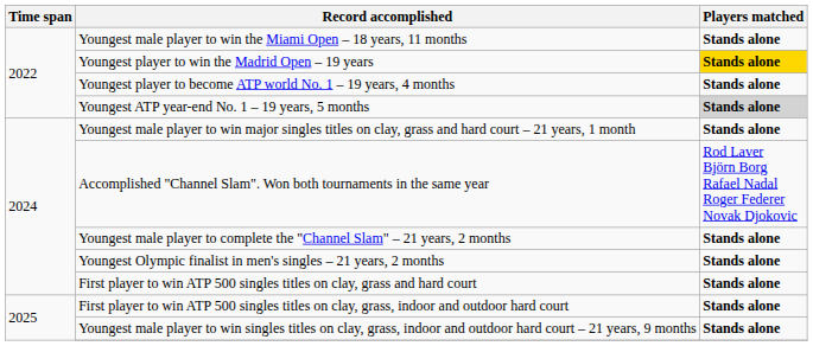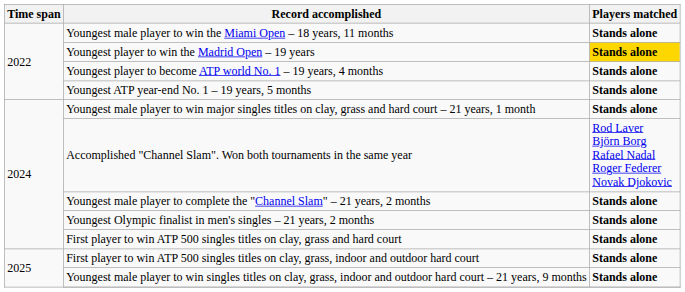 <table class="wikitable">
 <tr>
 <th>Time span</th>
 <th>Record accomplished</th>
 <th>Players matched</th>
 </tr>
 <tr>
 <td rowspan="4">2022</td>
 <td>Youngest male player to win the <a href='#'>Miami Open</a> – 18 years, 11 months</td>
 <td><strong>Stands alone</strong></td>
 </tr>
 <tr>
 <td>Youngest player to win the <a href='#'>Madrid Open</a> – 19 years</td>
 <td style="background: gold;"><strong>Stands alone</strong></td>
 </tr>
 <tr>
 <td>Youngest player to become <a href='#'>ATP world No. 1</a> – 19 years, 4 months</td>
 <td><strong>Stands alone</strong></td>
 </tr>
 <tr>
 <td>Youngest ATP year-end No. 1 – 19 years, 5 months</td>
-<td style="background: lightgrey;"><strong>Stands alone</strong></td>
+<td><strong>Stands alone</strong></td>
 </tr>
 <tr>
 <td rowspan="5">2024</td>
 <td>Youngest male player to win major singles titles on clay, grass and hard court – 21 years, 1 month</td>
 <td><strong>Stands alone</strong></td>
 </tr>
 <tr>
 <td>Accomplished "Channel Slam". Won both tournaments in the same year</td>
 <td><a href='#'>Rod Laver</a><br><a href='#'>Björn Borg</a><br><a href='#'>Rafael Nadal</a><br><a href='#'>Roger Federer</a><br><a href='#'>Novak Djokovic</a></td>
 </tr>
 <tr>
 <td>Youngest male player to complete the "<a href='#'>Channel Slam</a>" – 21 years, 2 months</td>
 <td><strong>Stands alone</strong></td>
 </tr>
 <tr>
 <td>Youngest Olympic finalist in men's singles – 21 years, 2 months</td>
 <td><strong>Stands alone</strong></td>
 </tr>
 <tr>
 <td>First player to win ATP 500 singles titles on clay, grass and hard court</td>
 <td><strong>Stands alone</strong></td>
 </tr>
 <tr>
 <td rowspan="6">2025</td>
 <td>First player to win ATP 500 singles titles on clay, grass, indoor and outdoor hard court</td>
 <td><strong>Stands alone</strong></td>
 </tr>
 <tr>
 <td>Youngest male player to win singles titles on clay, grass, indoor and outdoor hard court – 21 years, 9 months</td>
 <td><strong>Stands alone</strong></td>
 </tr>
 <tr>
 </tr>
 </table>
